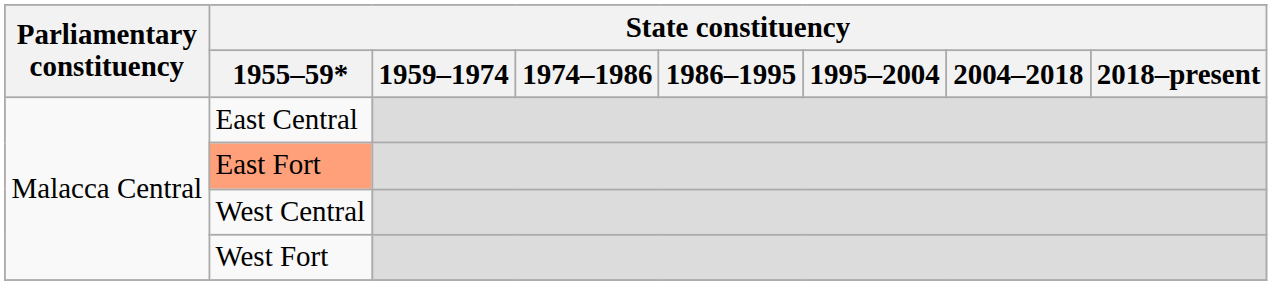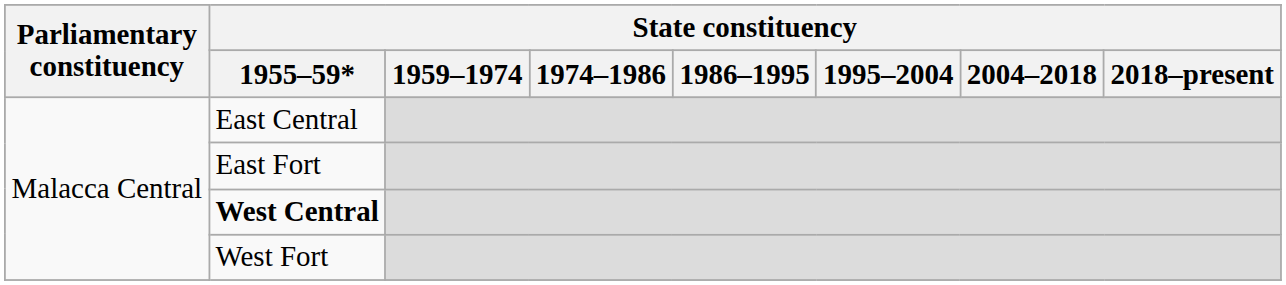 <table class="wikitable">
 <tr>
 <th rowspan="2">Parliamentary<br>constituency</th>
 <th colspan="7">State constituency</th>
 </tr>
 <tr>
 <th>1955–59*</th>
 <th>1959–1974</th>
 <th>1974–1986</th>
 <th>1986–1995</th>
 <th>1995–2004</th>
 <th>2004–2018</th>
 <th>2018–present</th>
 </tr>
 <tr>
 <td rowspan="4">Malacca Central</td>
 <td>East Central</td>
 <td colspan="6" bgcolor="dcdcdc"></td>
 </tr>
 <tr>
-<td style="background: lightsalmon;">East Fort</td>
+<td>East Fort</td>
 <td colspan="6" bgcolor="dcdcdc"></td>
 </tr>
 <tr>
-<td>West Central</td>
+<td><strong>West Central</strong></td>
 <td colspan="6" bgcolor="dcdcdc"></td>
 </tr>
 <tr>
 <td>West Fort</td>
 <td colspan="6" bgcolor="dcdcdc"></td>
 </tr>
 </table>
